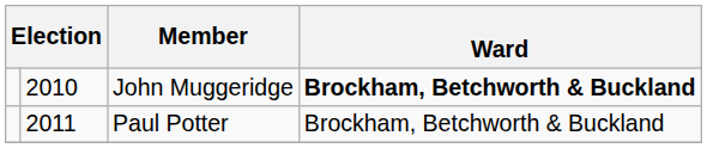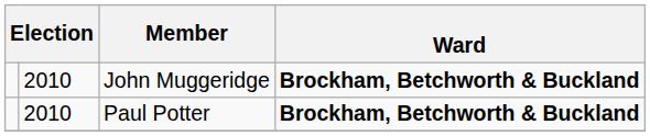 <table class="wikitable">
 <tr>
 <th colspan="2">Election</th>
 <th>Member</th>
 <th><br>Ward</th>
 </tr>
 <tr>
 <td style="background-color: "></td>
 <td>2010</td>
 <td>John Muggeridge</td>
 <td><strong>Brockham, Betchworth & Buckland</strong></td>
 </tr>
 <tr>
 <td style="background-color: "></td>
-<td>2011</td>
+<td>2010</td>
 <td>Paul Potter</td>
-<td>Brockham, Betchworth & Buckland</td>
+<td><strong>Brockham, Betchworth & Buckland</strong></td>
 </tr>
 <tr>
 </tr>
 </table>
